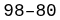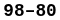 <table style="text-align:center">
 <tr>
 <th width=200></th>
 <th width=100></th>
 <th width=200></th>
 <th></th>
 </tr>
 <tr>
 <td align=right><strong></strong></td>
-<td>98–80</td>
+<td><strong>98–80</strong></td>
 <td align=left></td>
 </tr>
 </table>
